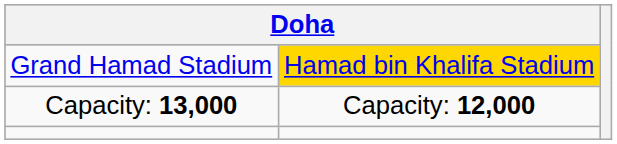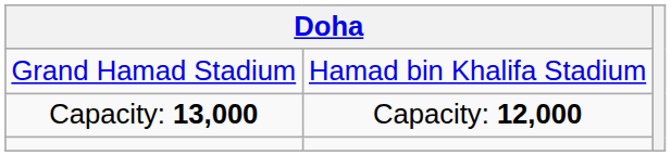 <table class="wikitable" style="margin:1em auto; text-align:center;">
 <tr>
 <th colspan="2"><a href='#'>Doha</a></th>
 <th rowspan="4"></th>
 </tr>
 <tr>
 <td><a href='#'>Grand Hamad Stadium</a></td>
-<td style="background: gold;"><a href='#'>Hamad bin Khalifa Stadium</a></td>
+<td><a href='#'>Hamad bin Khalifa Stadium</a></td>
 </tr>
 <tr>
 <td>Capacity: <strong>13,000</strong></td>
 <td>Capacity: <strong>12,000</strong></td>
 </tr>
 <tr>
 <td></td>
 <td></td>
 </tr>
 </table>
